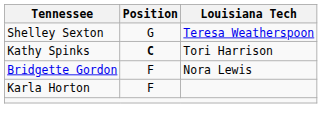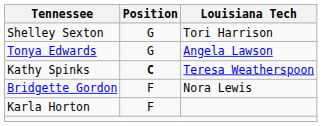 <table class="wikitable">
 <tr>
 <th>Tennessee</th>
 <th>Position</th>
 <th>Louisiana Tech</th>
 </tr>
 <tr>
 <td>Shelley Sexton</td>
 <td style="text-align:center">G</td>
-<td><a href='#'>Teresa Weatherspoon</a></td>
+<td>Tori Harrison</td>
+</tr>
+<tr>
+<td><a href='#'>Tonya Edwards</a></td>
+<td style="text-align:center">G</td>
+<td><a href='#'>Angela Lawson</a></td>
 </tr>
 <tr>
 <td>Kathy Spinks</td>
 <td style="text-align:center"><strong>C</strong></td>
-<td>Tori Harrison</td>
+<td><a href='#'>Teresa Weatherspoon</a></td>
 </tr>
 <tr>
 <td><a href='#'>Bridgette Gordon</a></td>
 <td style="text-align:center">F</td>
 <td>Nora Lewis</td>
 </tr>
 <tr>
 <td>Karla Horton</td>
 <td style="text-align:center">F</td>
 <td></td>
 </tr>
 <tr>
 <td style="text-align:center" colspan=3></td>
 </tr>
 </table>
